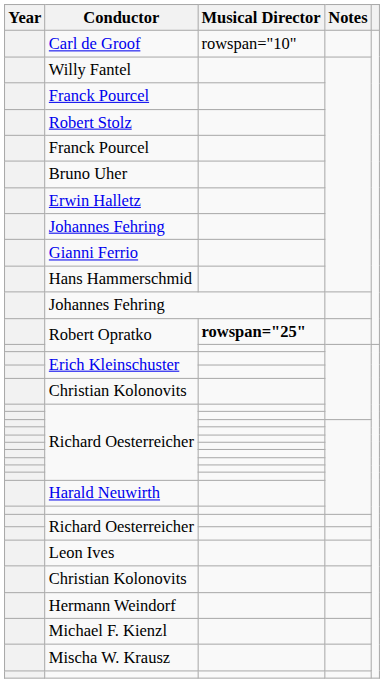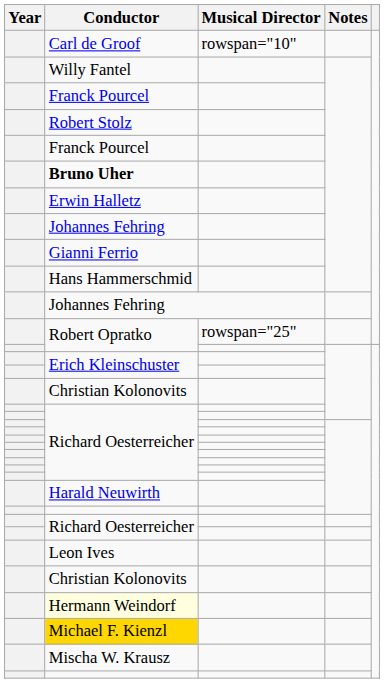 <table class="wikitable plainrowheaders">
 <tr>
 <th>Year</th>
 <th>Conductor</th>
 <th>Musical Director</th>
 <th>Notes</th>
 <th></th>
 </tr>
 <tr>
 <th scope="row"></th>
 <td><a href='#'>Carl de Groof</a></td>
 <td>rowspan="10" </td>
 <td></td>
 <td rowspan="12"></td>
 </tr>
 <tr>
 <th scope="row"></th>
 <td>Willy Fantel</td>
 <td></td>
 </tr>
 <tr>
 <th scope="row"></th>
 <td> <a href='#'>Franck Pourcel</a></td>
 <td></td>
 </tr>
 <tr>
 <th scope="row"></th>
 <td><a href='#'>Robert Stolz</a></td>
 <td></td>
 </tr>
 <tr>
 <th scope="row"></th>
 <td> Franck Pourcel</td>
 <td></td>
 </tr>
 <tr>
 <th scope="row"></th>
-<td>Bruno Uher</td>
+<td><strong>Bruno Uher</strong></td>
 <td></td>
 </tr>
 <tr>
 <th scope="row"></th>
 <td><a href='#'>Erwin Halletz</a></td>
 <td></td>
 </tr>
 <tr>
 <th scope="row"></th>
 <td><a href='#'>Johannes Fehring</a></td>
 <td></td>
 </tr>
 <tr>
 <th scope="row"></th>
 <td> <a href='#'>Gianni Ferrio</a></td>
 <td></td>
 </tr>
 <tr>
 <th scope="row"></th>
 <td>Hans Hammerschmid</td>
 <td></td>
 </tr>
 <tr>
 <th scope="row"></th>
 <td colspan="2">Johannes Fehring</td>
 <td></td>
 </tr>
 <tr>
 <th scope="row"></th>
 <td rowspan="2">Robert Opratko</td>
-<td><strong>rowspan="25" </strong></td>
+<td>rowspan="25" </td>
 </tr>
 <tr>
 <th scope="row"></th>
 <td></td>
 <td rowspan="6"></td>
 </tr>
 <tr>
 <th scope="row"></th>
 <td rowspan="2"><a href='#'>Erich Kleinschuster</a></td>
 <td></td>
 </tr>
 <tr>
 <th scope="row"></th>
 <td></td>
 </tr>
 <tr>
 <th scope="row"></th>
 <td>Christian Kolonovits</td>
 <td></td>
 </tr>
 <tr>
 <th scope="row"></th>
 <td rowspan="10">Richard Oesterreicher</td>
 <td></td>
 </tr>
 <tr>
 <th scope="row"></th>
 <td></td>
 </tr>
 <tr>
 <th scope="row"></th>
 <td></td>
 <td rowspan="10"></td>
 </tr>
 <tr>
 <th scope="row"></th>
 <td></td>
 </tr>
 <tr>
 <th scope="row"></th>
 <td></td>
 </tr>
 <tr>
 <th scope="row"></th>
 <td></td>
 </tr>
 <tr>
 <th scope="row"></th>
 <td></td>
 </tr>
 <tr>
 <th scope="row"></th>
 <td></td>
 </tr>
 <tr>
 <th scope="row"></th>
 <td></td>
 </tr>
 <tr>
 <th scope="row"></th>
 <td></td>
 </tr>
 <tr>
 <th scope="row"></th>
 <td><a href='#'>Harald Neuwirth</a></td>
 <td></td>
 </tr>
 <tr>
 <th scope="row"></th>
 <td></td>
 <td></td>
 </tr>
 <tr>
 <th scope="row"></th>
 <td rowspan="2">Richard Oesterreicher</td>
 <td></td>
 <td></td>
 </tr>
 <tr>
 <th scope="row"></th>
 <td></td>
 <td></td>
 </tr>
 <tr>
 <th scope="row"></th>
 <td>Leon Ives</td>
 <td></td>
 <td></td>
 </tr>
 <tr>
 <th scope="row"></th>
 <td>Christian Kolonovits</td>
 <td></td>
 <td></td>
 </tr>
 <tr>
 <th scope="row"></th>
-<td> Hermann Weindorf</td>
+<td style="background: lightyellow;"> Hermann Weindorf</td>
 <td></td>
 <td></td>
 </tr>
 <tr>
 <th scope="row"></th>
-<td>Michael F. Kienzl</td>
+<td style="background: gold;">Michael F. Kienzl</td>
 <td></td>
 <td></td>
 </tr>
 <tr>
 <th scope="row"></th>
 <td>Mischa W. Krausz</td>
 <td></td>
 <td></td>
 </tr>
 <tr>
 <th scope="row"></th>
 <td></td>
 <td></td>
 <td></td>
 </tr>
 </table>
